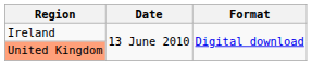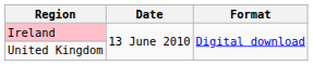 <table class=wikitable>
 <tr>
 <th>Region</th>
 <th>Date</th>
 <th>Format</th>
 </tr>
 <tr>
-<td>Ireland</td>
+<td style="background: pink;">Ireland</td>
 <td rowspan="2">13 June 2010</td>
 <td rowspan="2"><a href='#'>Digital download</a></td>
 </tr>
 <tr>
-<td style="background: lightsalmon;">United Kingdom</td>
+<td>United Kingdom</td>
 </tr>
 </table>
